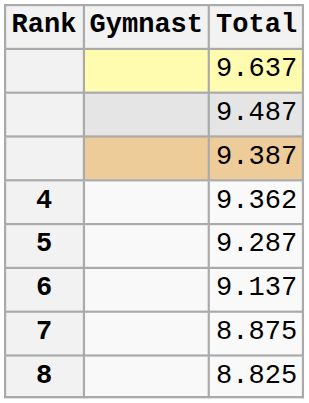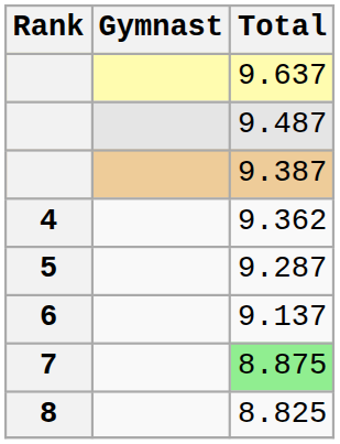 <table class="wikitable sortable" style="text-align:center; font-size:95%">
 <tr>
 <th scope=col>Rank</th>
 <th scope=col>Gymnast</th>
 <th scope=col>Total</th>
 </tr>
 <tr bgcolor=fffcaf>
 <th scope=row style="text-align:center"></th>
 <td align=left></td>
 <td>9.637</td>
 </tr>
 <tr bgcolor=e5e5e5>
 <th scope=row style="text-align:center"></th>
 <td align=left></td>
 <td>9.487</td>
 </tr>
 <tr bgcolor=eecc99>
 <th scope=row style="text-align:center"></th>
 <td align=left></td>
 <td>9.387</td>
 </tr>
 <tr>
 <th scope=row style="text-align:center">4</th>
 <td align=left></td>
 <td>9.362</td>
 </tr>
 <tr>
 <th scope=row style="text-align:center">5</th>
 <td align=left></td>
 <td>9.287</td>
 </tr>
 <tr>
 <th scope=row style="text-align:center">6</th>
 <td align=left></td>
 <td>9.137</td>
 </tr>
 <tr>
 <th scope=row style="text-align:center">7</th>
 <td align=left></td>
-<td>8.875</td>
+<td style="background: lightgreen;">8.875</td>
 </tr>
 <tr>
 <th scope=row style="text-align:center">8</th>
 <td align=left></td>
 <td>8.825</td>
 </tr>
 <tr>
 </tr>
 </table>
